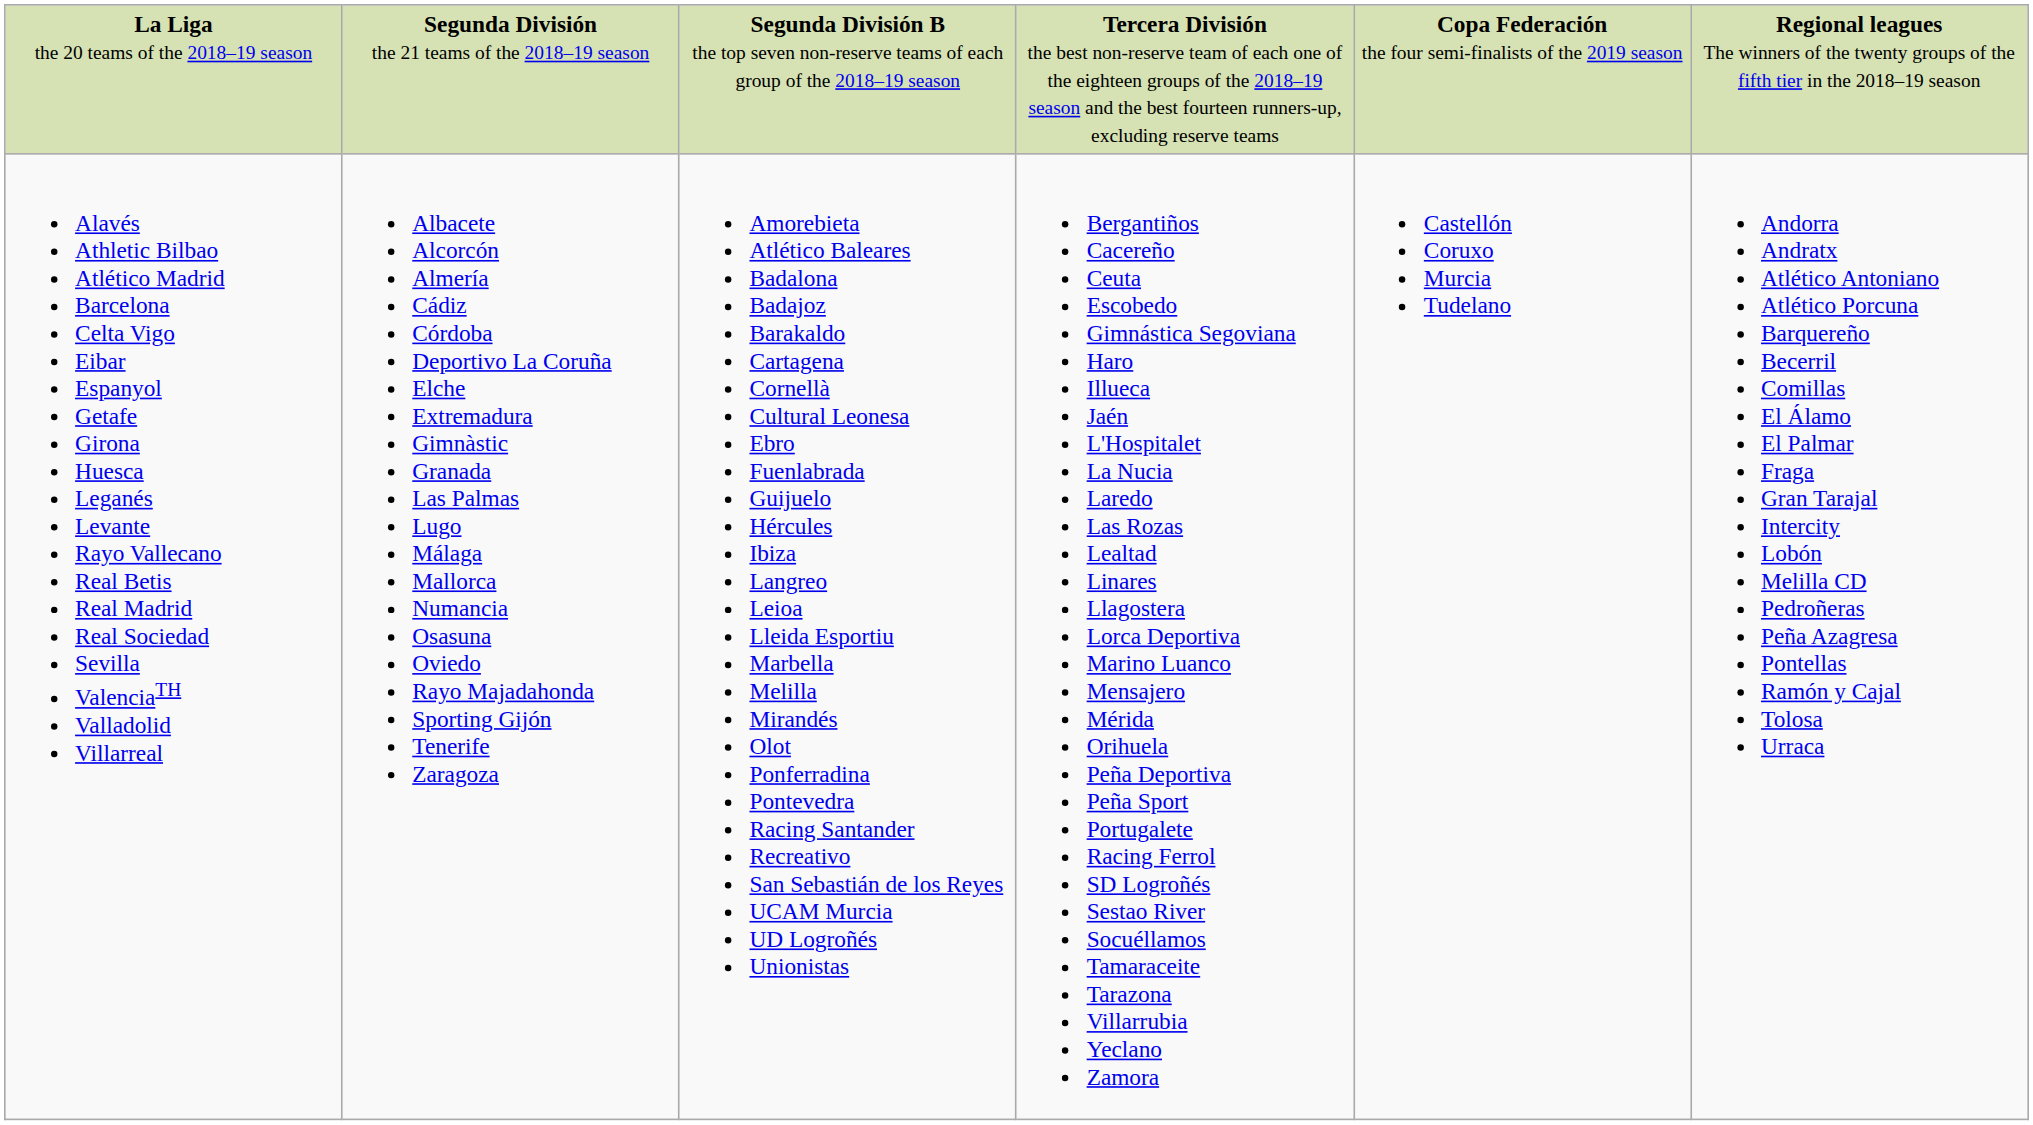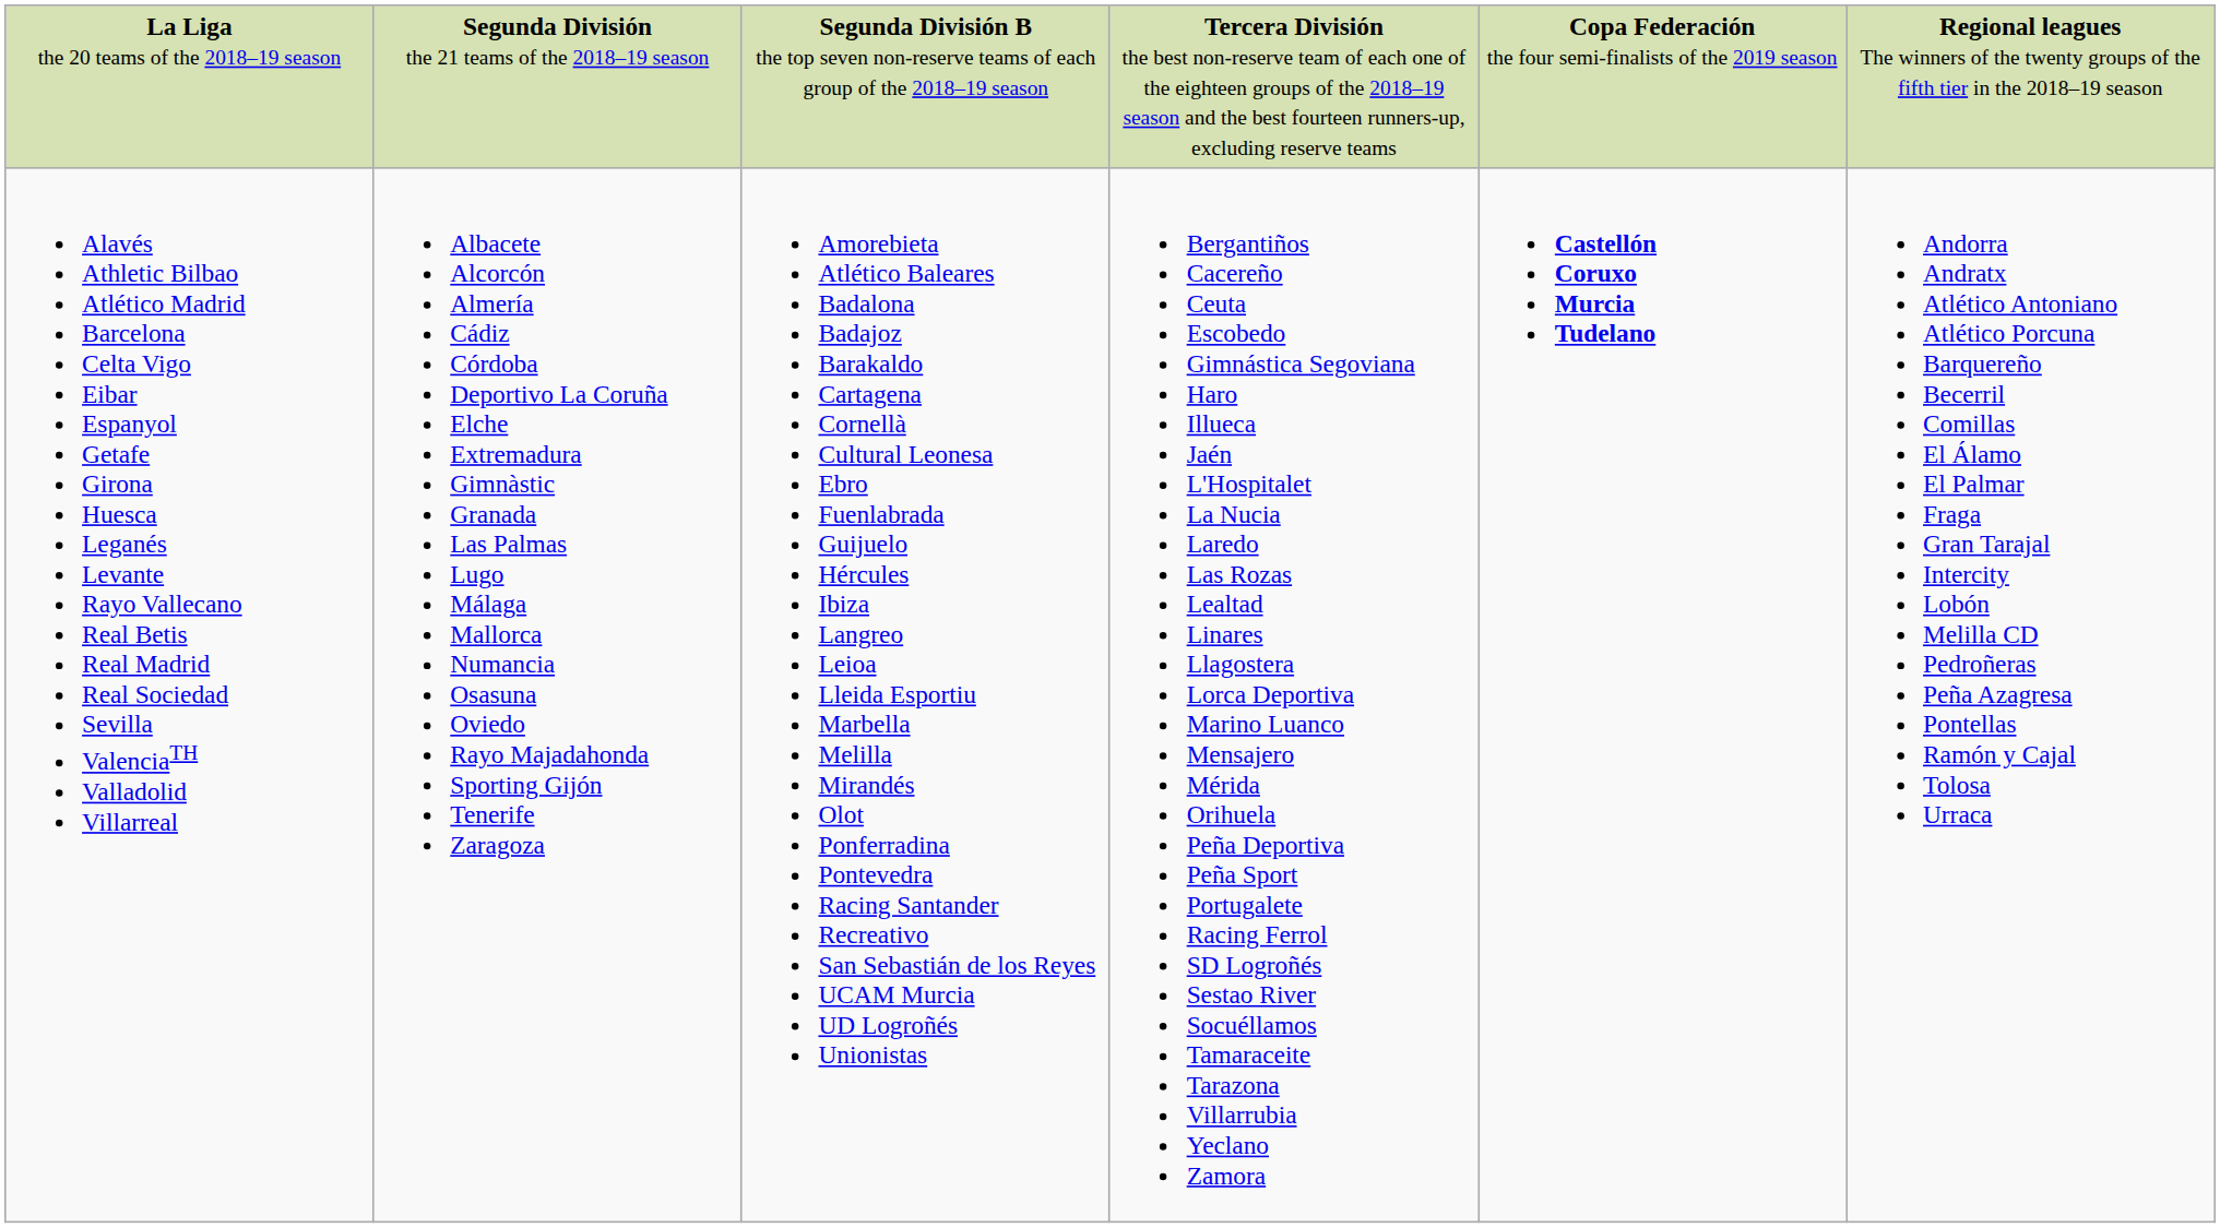 <table class="wikitable" style="font-size:90%">
 <tr style="background-color:#d6e2b3; text-align:center; vertical-align:top">
 <td style="width:16.67%"><strong>La Liga</strong><br><small>the 20 teams of the <a href='#'>2018–19 season</a></small></td>
 <td style="width:16.67%"><strong>Segunda División</strong><br><small>the 21 teams of the <a href='#'>2018–19 season</a></small></td>
 <td style="width:16.67%"><strong>Segunda División B</strong><br><small>the top seven non-reserve teams of each group of the <a href='#'>2018–19 season</a></small></td>
 <td style="width:16.67%"><strong>Tercera División</strong><br><small>the best non-reserve team of each one of the eighteen groups of the <a href='#'>2018–19 season</a> and the best fourteen runners-up, excluding reserve teams</small></td>
 <td style="width:16.67%"><strong>Copa Federación</strong><br><small>the four semi-finalists of the <a href='#'>2019 season</a></small></td>
 <td style="width:16.67%"><strong>Regional leagues</strong><br><small>The winners of the twenty groups of the <a href='#'>fifth tier</a> in the 2018–19 season</small></td>
 </tr>
 <tr style="vertical-align:top">
 <td><br><ul><li><a href='#'>Alavés</a></li><li><a href='#'>Athletic Bilbao</a></li><li><a href='#'>Atlético Madrid</a></li><li><a href='#'>Barcelona</a></li><li><a href='#'>Celta Vigo</a></li><li><a href='#'>Eibar</a></li><li><a href='#'>Espanyol</a></li><li><a href='#'>Getafe</a></li><li><a href='#'>Girona</a></li><li><a href='#'>Huesca</a></li><li><a href='#'>Leganés</a></li><li><a href='#'>Levante</a></li><li><a href='#'>Rayo Vallecano</a></li><li><a href='#'>Real Betis</a></li><li><a href='#'>Real Madrid</a></li><li><a href='#'>Real Sociedad</a></li><li><a href='#'>Sevilla</a></li><li><a href='#'>Valencia</a><sup><a href='#'>TH</a></sup></li><li><a href='#'>Valladolid</a></li><li><a href='#'>Villarreal</a></li></ul></td>
 <td><br><ul><li><a href='#'>Albacete</a></li><li><a href='#'>Alcorcón</a></li><li><a href='#'>Almería</a></li><li><a href='#'>Cádiz</a></li><li><a href='#'>Córdoba</a></li><li><a href='#'>Deportivo La Coruña</a></li><li><a href='#'>Elche</a></li><li><a href='#'>Extremadura</a></li><li><a href='#'>Gimnàstic</a></li><li><a href='#'>Granada</a></li><li><a href='#'>Las Palmas</a></li><li><a href='#'>Lugo</a></li><li><a href='#'>Málaga</a></li><li><a href='#'>Mallorca</a></li><li><a href='#'>Numancia</a></li><li><a href='#'>Osasuna</a></li><li><a href='#'>Oviedo</a></li><li><a href='#'>Rayo Majadahonda</a></li><li><a href='#'>Sporting Gijón</a></li><li><a href='#'>Tenerife</a></li><li><a href='#'>Zaragoza</a></li></ul></td>
 <td><br><ul><li><a href='#'>Amorebieta</a></li><li><a href='#'>Atlético Baleares</a></li><li><a href='#'>Badalona</a></li><li><a href='#'>Badajoz</a></li><li><a href='#'>Barakaldo</a></li><li><a href='#'>Cartagena</a></li><li><a href='#'>Cornellà</a></li><li><a href='#'>Cultural Leonesa</a></li><li><a href='#'>Ebro</a></li><li><a href='#'>Fuenlabrada</a></li><li><a href='#'>Guijuelo</a></li><li><a href='#'>Hércules</a></li><li><a href='#'>Ibiza</a></li><li><a href='#'>Langreo</a></li><li><a href='#'>Leioa</a></li><li><a href='#'>Lleida Esportiu</a></li><li><a href='#'>Marbella</a></li><li><a href='#'>Melilla</a></li><li><a href='#'>Mirandés</a></li><li><a href='#'>Olot</a></li><li><a href='#'>Ponferradina</a></li><li><a href='#'>Pontevedra</a></li><li><a href='#'>Racing Santander</a></li><li><a href='#'>Recreativo</a></li><li><a href='#'>San Sebastián de los Reyes</a></li><li><a href='#'>UCAM Murcia</a></li><li><a href='#'>UD Logroñés</a></li><li><a href='#'>Unionistas</a></li></ul></td>
 <td><br><ul><li><a href='#'>Bergantiños</a></li><li><a href='#'>Cacereño</a></li><li><a href='#'>Ceuta</a></li><li><a href='#'>Escobedo</a></li><li><a href='#'>Gimnástica Segoviana</a></li><li><a href='#'>Haro</a></li><li><a href='#'>Illueca</a></li><li><a href='#'>Jaén</a></li><li><a href='#'>L'Hospitalet</a></li><li><a href='#'>La Nucia</a></li><li><a href='#'>Laredo</a></li><li><a href='#'>Las Rozas</a></li><li><a href='#'>Lealtad</a></li><li><a href='#'>Linares</a></li><li><a href='#'>Llagostera</a></li><li><a href='#'>Lorca Deportiva</a></li><li><a href='#'>Marino Luanco</a></li><li><a href='#'>Mensajero</a></li><li><a href='#'>Mérida</a></li><li><a href='#'>Orihuela</a></li><li><a href='#'>Peña Deportiva</a></li><li><a href='#'>Peña Sport</a></li><li><a href='#'>Portugalete</a></li><li><a href='#'>Racing Ferrol</a></li><li><a href='#'>SD Logroñés</a></li><li><a href='#'>Sestao River</a></li><li><a href='#'>Socuéllamos</a></li><li><a href='#'>Tamaraceite</a></li><li><a href='#'>Tarazona</a></li><li><a href='#'>Villarrubia</a></li><li><a href='#'>Yeclano</a></li><li><a href='#'>Zamora</a></li></ul></td>
-<td><br><ul><li><a href='#'>Castellón</a></li><li><a href='#'>Coruxo</a></li><li><a href='#'>Murcia</a></li><li><a href='#'>Tudelano</a></li></ul></td>
+<td><strong><br><ul><li><a href='#'>Castellón</a></li><li><a href='#'>Coruxo</a></li><li><a href='#'>Murcia</a></li><li><a href='#'>Tudelano</a></li></ul></strong></td>
 <td><br><ul><li><a href='#'>Andorra</a></li><li><a href='#'>Andratx</a></li><li><a href='#'>Atlético Antoniano</a></li><li><a href='#'>Atlético Porcuna</a></li><li><a href='#'>Barquereño</a></li><li><a href='#'>Becerril</a></li><li><a href='#'>Comillas</a></li><li><a href='#'>El Álamo</a></li><li><a href='#'>El Palmar</a></li><li><a href='#'>Fraga</a></li><li><a href='#'>Gran Tarajal</a></li><li><a href='#'>Intercity</a></li><li><a href='#'>Lobón</a></li><li><a href='#'>Melilla CD</a></li><li><a href='#'>Pedroñeras</a></li><li><a href='#'>Peña Azagresa</a></li><li><a href='#'>Pontellas</a></li><li><a href='#'>Ramón y Cajal</a></li><li><a href='#'>Tolosa</a></li><li><a href='#'>Urraca</a></li></ul></td>
 </tr>
 </table>
